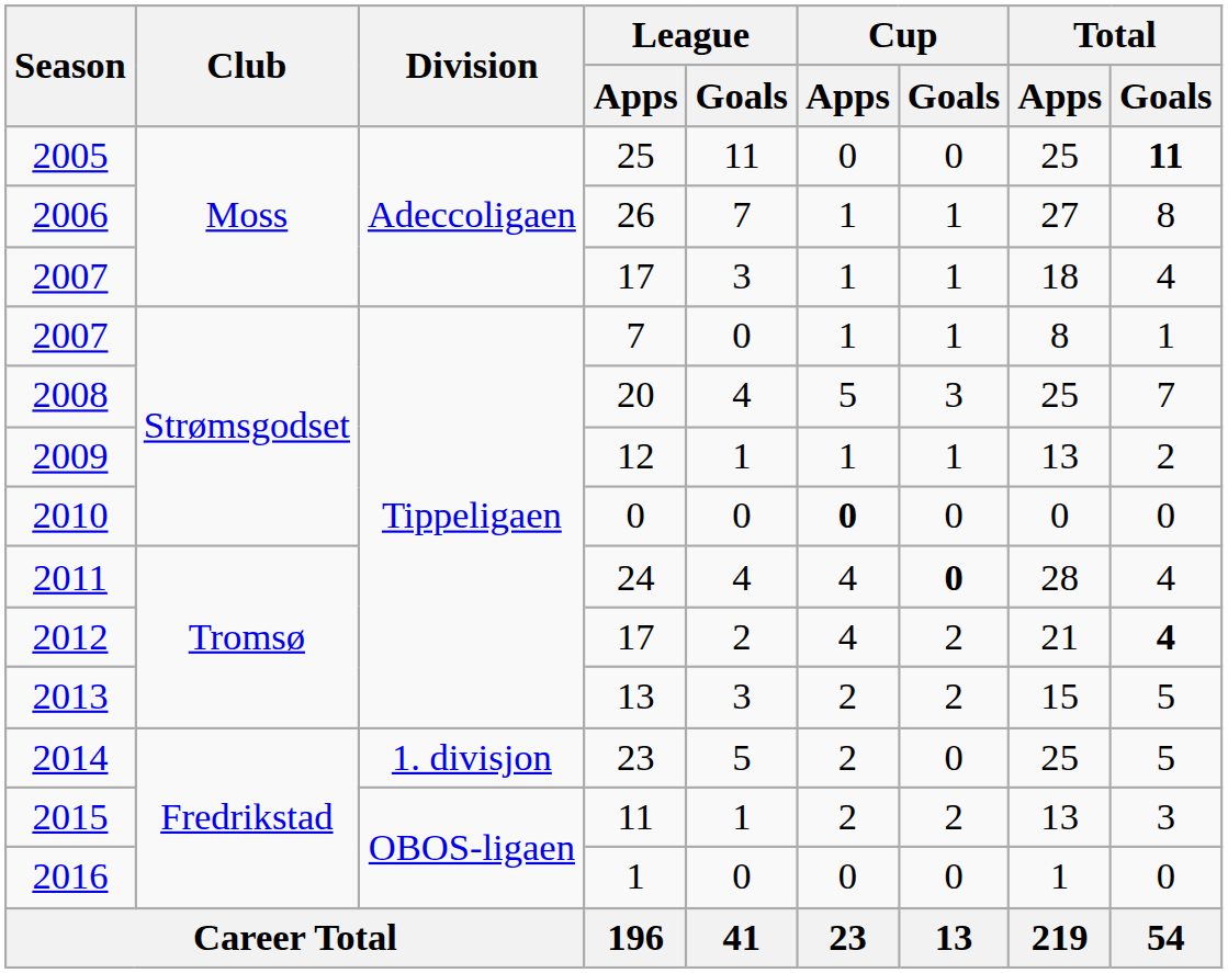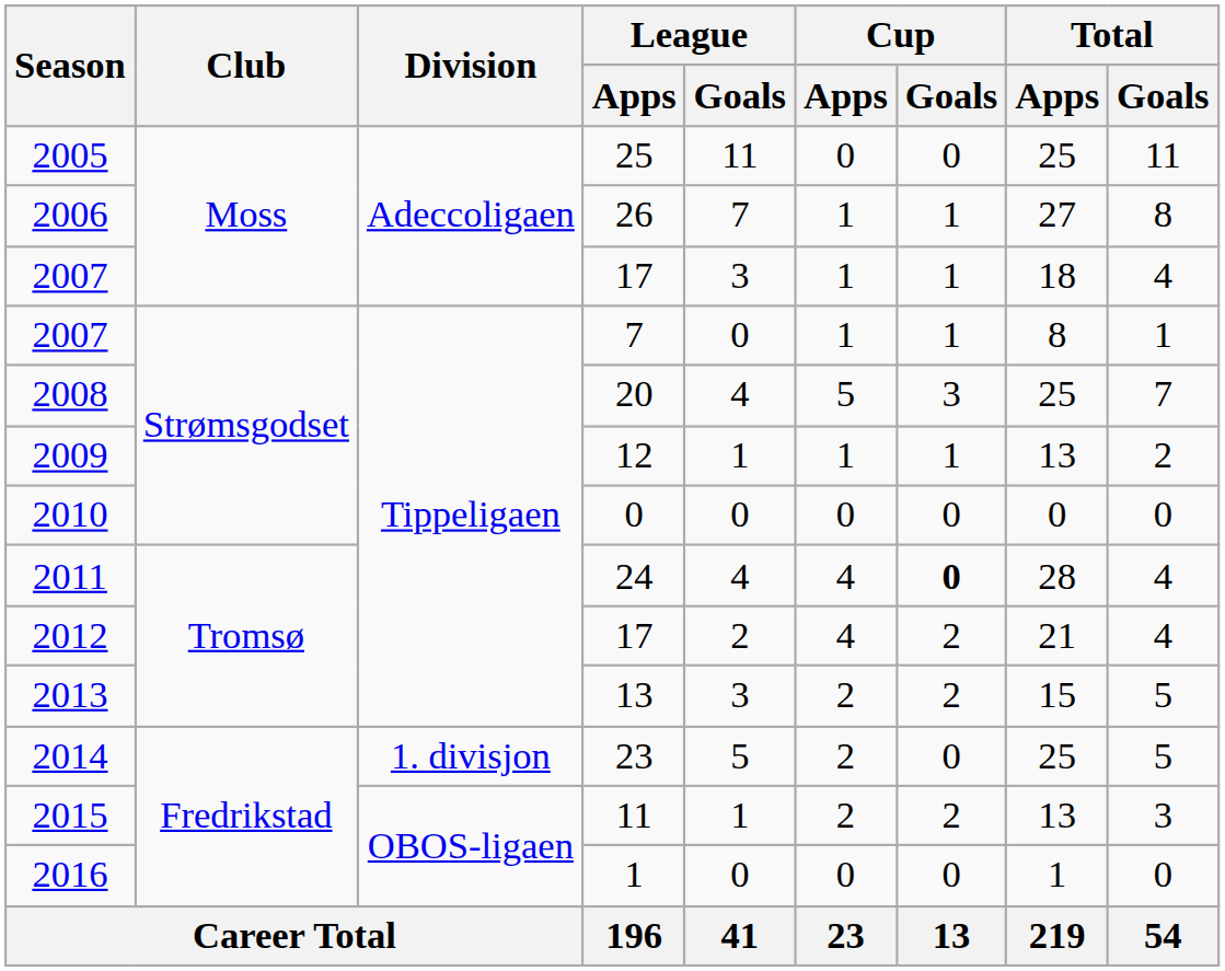 <table class="wikitable" style="text-align: center;">
 <tr>
 <th rowspan="2">Season</th>
 <th rowspan="2">Club</th>
 <th rowspan="2">Division</th>
 <th colspan="2">League</th>
 <th colspan="2">Cup</th>
 <th colspan="2">Total</th>
 </tr>
 <tr>
 <th>Apps</th>
 <th>Goals</th>
 <th>Apps</th>
 <th>Goals</th>
 <th>Apps</th>
 <th>Goals</th>
 </tr>
 <tr>
 <td><a href='#'>2005</a></td>
 <td rowspan="3" valign="center"><a href='#'>Moss</a></td>
 <td rowspan="3" valign="center"><a href='#'>Adeccoligaen</a></td>
 <td>25</td>
 <td>11</td>
 <td>0</td>
 <td>0</td>
 <td>25</td>
-<td><strong>11</strong></td>
+<td>11</td>
 </tr>
 <tr>
 <td><a href='#'>2006</a></td>
 <td>26</td>
 <td>7</td>
 <td>1</td>
 <td>1</td>
 <td>27</td>
 <td>8</td>
 </tr>
 <tr>
 <td><a href='#'>2007</a></td>
 <td>17</td>
 <td>3</td>
 <td>1</td>
 <td>1</td>
 <td>18</td>
 <td>4</td>
 </tr>
 <tr>
 <td><a href='#'>2007</a></td>
 <td rowspan="4" valign="center"><a href='#'>Strømsgodset</a></td>
 <td rowspan="7" valign="center"><a href='#'>Tippeligaen</a></td>
 <td>7</td>
 <td>0</td>
 <td>1</td>
 <td>1</td>
 <td>8</td>
 <td>1</td>
 </tr>
 <tr>
 <td><a href='#'>2008</a></td>
 <td>20</td>
 <td>4</td>
 <td>5</td>
 <td>3</td>
 <td>25</td>
 <td>7</td>
 </tr>
 <tr>
 <td><a href='#'>2009</a></td>
 <td>12</td>
 <td>1</td>
 <td>1</td>
 <td>1</td>
 <td>13</td>
 <td>2</td>
 </tr>
 <tr>
 <td><a href='#'>2010</a></td>
 <td>0</td>
 <td>0</td>
-<td><strong>0</strong></td>
+<td>0</td>
 <td>0</td>
 <td>0</td>
 <td>0</td>
 </tr>
 <tr>
 <td><a href='#'>2011</a></td>
 <td rowspan="3" valign="center"><a href='#'>Tromsø</a></td>
 <td>24</td>
 <td>4</td>
 <td>4</td>
 <td><strong>0</strong></td>
 <td>28</td>
 <td>4</td>
 </tr>
 <tr>
 <td><a href='#'>2012</a></td>
 <td>17</td>
 <td>2</td>
 <td>4</td>
 <td>2</td>
 <td>21</td>
-<td><strong>4</strong></td>
+<td>4</td>
 </tr>
 <tr>
 <td><a href='#'>2013</a></td>
 <td>13</td>
 <td>3</td>
 <td>2</td>
 <td>2</td>
 <td>15</td>
 <td>5</td>
 </tr>
 <tr>
 <td><a href='#'>2014</a></td>
 <td rowspan="3" valign="center"><a href='#'>Fredrikstad</a></td>
 <td rowspan="1" valign="center"><a href='#'>1. divisjon</a></td>
 <td>23</td>
 <td>5</td>
 <td>2</td>
 <td>0</td>
 <td>25</td>
 <td>5</td>
 </tr>
 <tr>
 <td><a href='#'>2015</a></td>
 <td rowspan="2" valign="center"><a href='#'>OBOS-ligaen</a></td>
 <td>11</td>
 <td>1</td>
 <td>2</td>
 <td>2</td>
 <td>13</td>
 <td>3</td>
 </tr>
 <tr>
 <td><a href='#'>2016</a></td>
 <td>1</td>
 <td>0</td>
 <td>0</td>
 <td>0</td>
 <td>1</td>
 <td>0</td>
 </tr>
 <tr>
 <th colspan="3">Career Total</th>
 <th>196</th>
 <th>41</th>
 <th>23</th>
 <th>13</th>
 <th>219</th>
 <th>54</th>
 </tr>
 </table>
